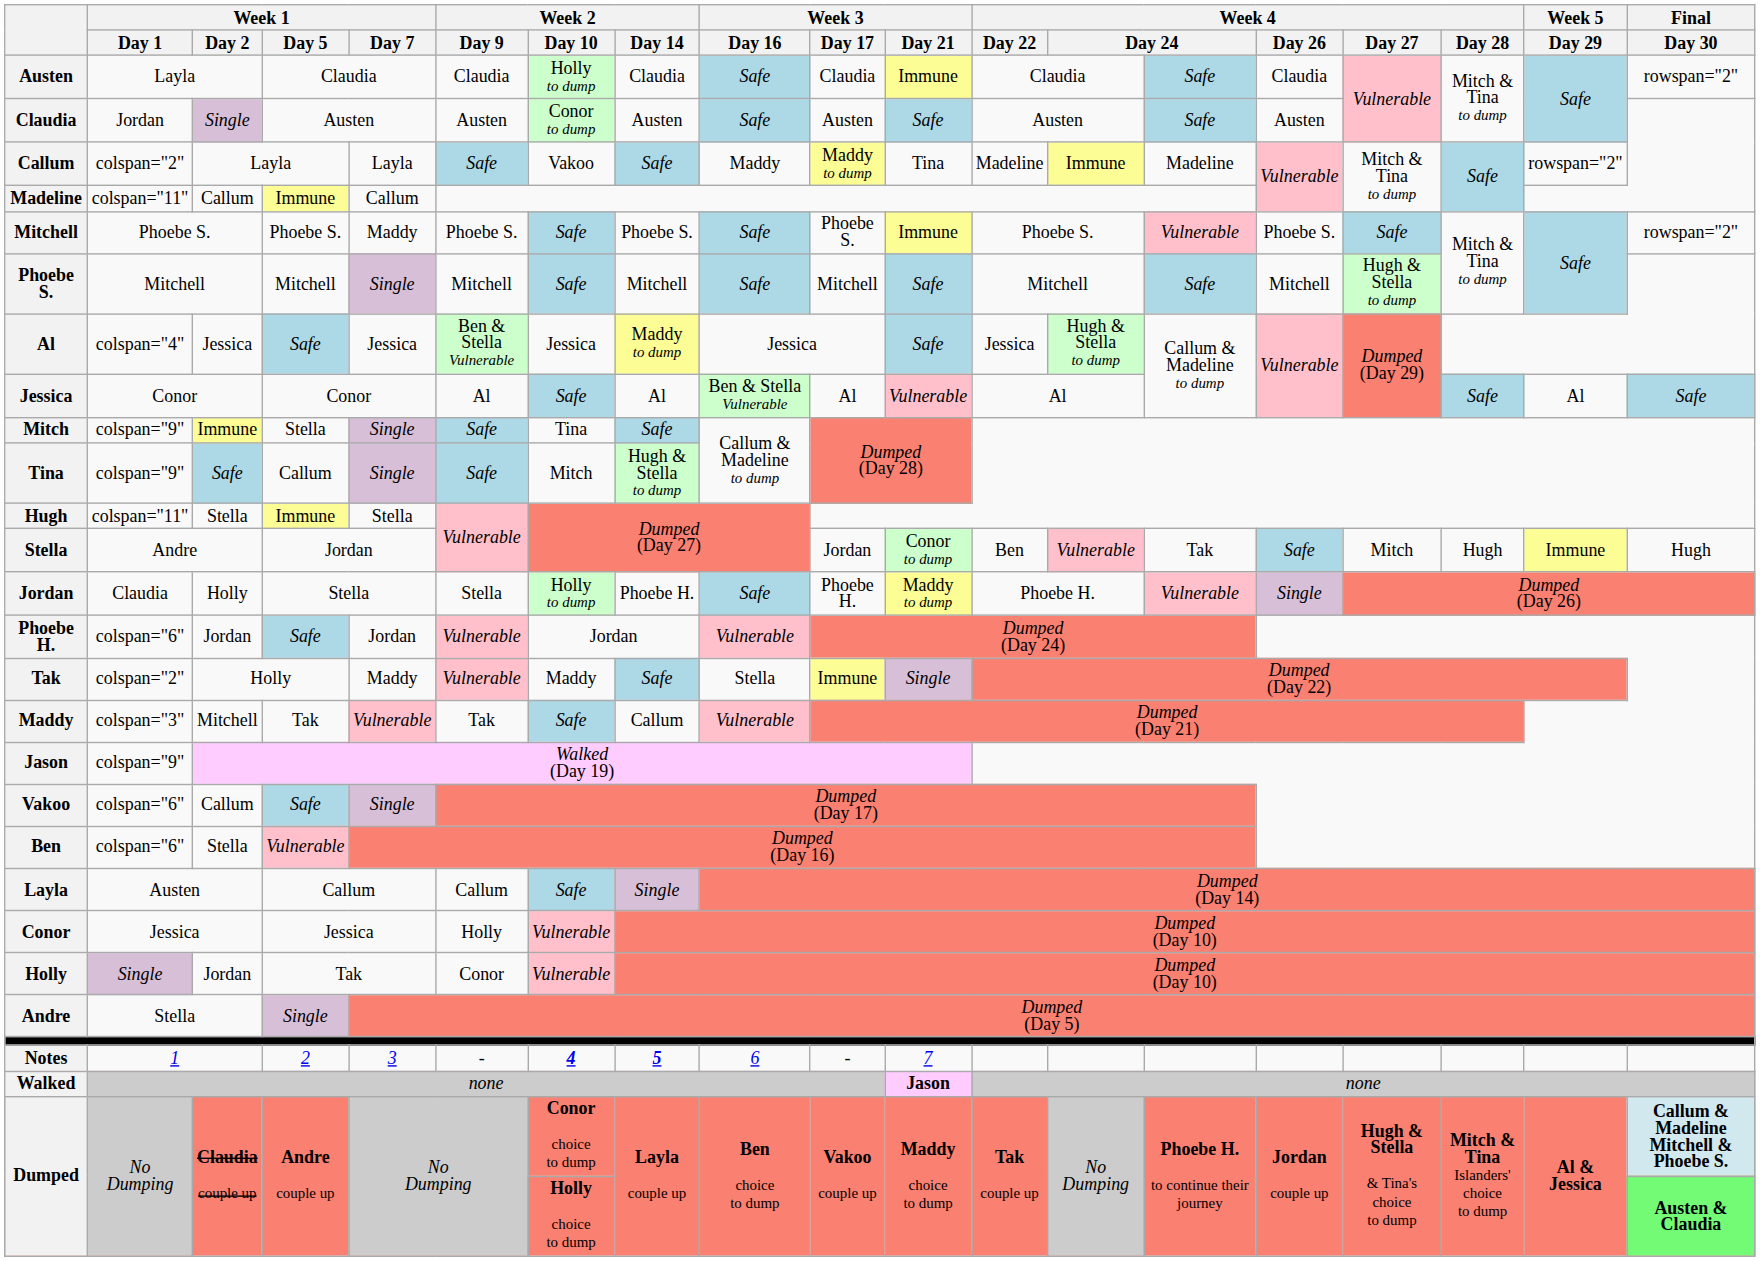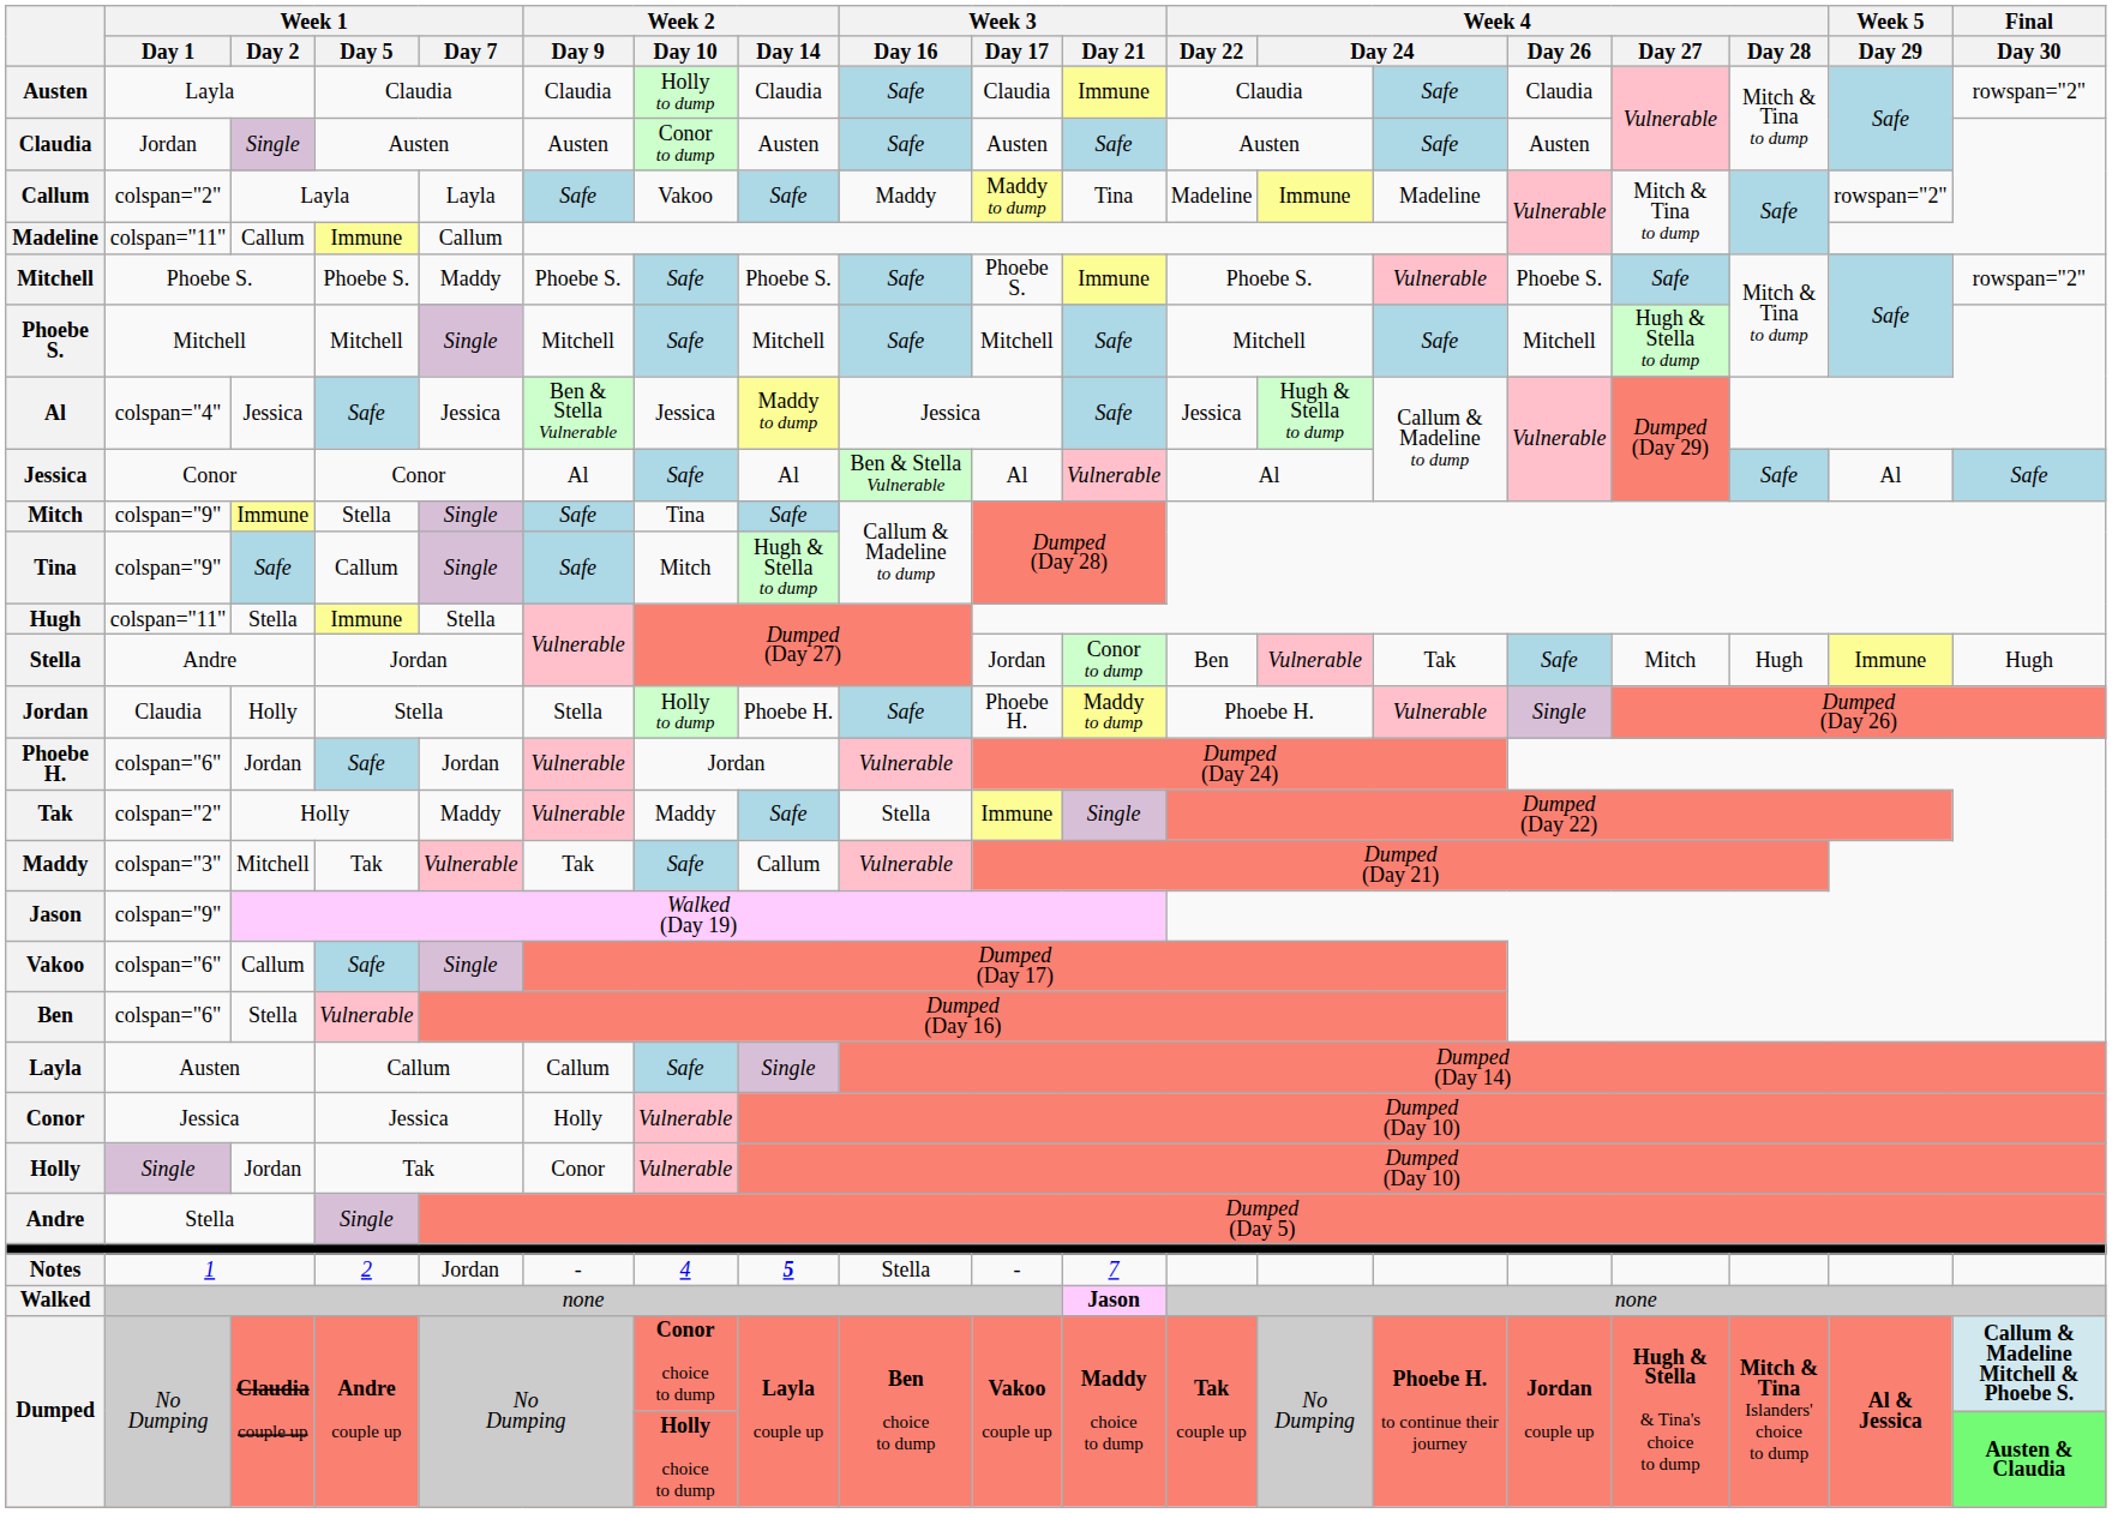 <table class="wikitable" style="text-align:center; font-size:80%; line-height:12px;">
 <tr>
 <th rowspan="2"></th>
 <th colspan="4">Week 1</th>
 <th colspan="3">Week 2</th>
 <th colspan="3">Week 3</th>
 <th colspan="6">Week 4</th>
 <th>Week 5</th>
 <th>Final</th>
 </tr>
 <tr>
 <th>Day 1</th>
 <th>Day 2</th>
 <th>Day 5</th>
 <th>Day 7</th>
 <th>Day 9</th>
 <th>Day 10</th>
 <th>Day 14</th>
 <th>Day 16</th>
 <th>Day 17</th>
 <th>Day 21</th>
 <th>Day 22</th>
 <th colspan="2">Day 24</th>
 <th>Day 26</th>
 <th>Day 27</th>
 <th>Day 28</th>
 <th>Day 29</th>
 <th>Day 30</th>
 </tr>
 <tr>
 <th>Austen</th>
 <td colspan="2">Layla</td>
 <td colspan="2">Claudia</td>
 <td>Claudia</td>
 <td style="background:#cfc;">Holly<br><small><em>to dump</em></small></td>
 <td>Claudia</td>
 <td style="background:lightblue"><em>Safe</em></td>
 <td>Claudia</td>
 <td style="background:#fdfd96">Immune</td>
 <td colspan="2">Claudia</td>
 <td style="background:lightblue"><em>Safe</em></td>
 <td>Claudia</td>
 <td rowspan="2" style="background:pink"><em>Vulnerable</em></td>
 <td rowspan="2">Mitch & Tina<br><small><em>to dump</em></small></td>
 <td rowspan="2" style="background:lightblue"><em>Safe</em></td>
 <td>rowspan="2" </td>
 </tr>
 <tr>
 <th>Claudia</th>
 <td>Jordan</td>
 <td bgcolor="thistle"><em>Single</em></td>
 <td colspan="2">Austen</td>
 <td>Austen</td>
 <td style="background:#cfc;">Conor<br><small><em>to dump</em></small></td>
 <td>Austen</td>
 <td style="background:lightblue"><em>Safe</em></td>
 <td>Austen</td>
 <td style="background:lightblue"><em>Safe</em></td>
 <td colspan="2">Austen</td>
 <td style="background:lightblue"><em>Safe</em></td>
 <td>Austen</td>
 </tr>
 <tr>
 <th>Callum</th>
 <td>colspan="2" </td>
 <td colspan="2">Layla</td>
 <td>Layla</td>
 <td style="background:lightblue"><em>Safe</em></td>
 <td>Vakoo</td>
 <td style="background:lightblue"><em>Safe</em></td>
 <td>Maddy</td>
 <td style="background:#fdfd96">Maddy<br><small><em>to dump</em></small></td>
 <td>Tina</td>
 <td>Madeline</td>
 <td style="background:#fdfd96">Immune</td>
 <td>Madeline</td>
 <td rowspan="2" style="background:pink"><em>Vulnerable</em></td>
 <td rowspan="2">Mitch & Tina<br><small><em>to dump</em></small></td>
 <td rowspan="2" style="background:lightblue"><em>Safe</em></td>
 <td>rowspan="2" </td>
 </tr>
 <tr>
 <th>Madeline</th>
 <td>colspan="11" </td>
 <td>Callum</td>
 <td style="background:#fdfd96">Immune</td>
 <td>Callum</td>
 </tr>
 <tr>
 <th>Mitchell</th>
 <td colspan="2">Phoebe S.</td>
 <td>Phoebe S.</td>
 <td>Maddy</td>
 <td>Phoebe S.</td>
 <td style="background:lightblue"><em>Safe</em></td>
 <td>Phoebe S.</td>
 <td style="background:lightblue"><em>Safe</em></td>
 <td>Phoebe S.</td>
 <td style="background:#fdfd96">Immune</td>
 <td colspan="2">Phoebe S.</td>
 <td style="background:pink"><em>Vulnerable</em></td>
 <td>Phoebe S.</td>
 <td style="background:lightblue"><em>Safe</em></td>
 <td rowspan="2">Mitch & Tina<br><small><em>to dump</em></small></td>
 <td rowspan="2" style="background:lightblue"><em>Safe</em></td>
 <td>rowspan="2" </td>
 </tr>
 <tr>
 <th>Phoebe S.</th>
 <td colspan="2">Mitchell</td>
 <td>Mitchell</td>
 <td bgcolor="thistle"><em>Single</em></td>
 <td>Mitchell</td>
 <td style="background:lightblue"><em>Safe</em></td>
 <td>Mitchell</td>
 <td style="background:lightblue"><em>Safe</em></td>
 <td>Mitchell</td>
 <td style="background:lightblue"><em>Safe</em></td>
 <td colspan="2">Mitchell</td>
 <td style="background:lightblue"><em>Safe</em></td>
 <td>Mitchell</td>
 <td style="background:#cfc;">Hugh & Stella<br><small><em>to dump</em></small></td>
 </tr>
 <tr>
 <th>Al</th>
 <td>colspan="4" </td>
 <td>Jessica</td>
 <td style="background:lightblue"><em>Safe</em></td>
 <td>Jessica</td>
 <td style="background:#cfc;">Ben & Stella<br><small><em>Vulnerable</em></small></td>
 <td>Jessica</td>
 <td style="background:#fdfd96">Maddy<br><small><em>to dump</em></small></td>
 <td colspan="2">Jessica</td>
 <td style="background:lightblue"><em>Safe</em></td>
 <td>Jessica</td>
 <td style="background:#cfc;">Hugh & Stella<br><small><em>to dump</em></small></td>
 <td rowspan="2">Callum & Madeline<br><small><em>to dump</em></small></td>
 <td rowspan="2" style="background:pink"><em>Vulnerable</em></td>
 <td rowspan="2" style="background:salmon;"><em>Dumped</em><br>(Day 29)</td>
 </tr>
 <tr>
 <th>Jessica</th>
 <td colspan="2">Conor</td>
 <td colspan="2">Conor</td>
 <td>Al</td>
 <td style="background:lightblue"><em>Safe</em></td>
 <td>Al</td>
 <td style="background:#cfc;">Ben & Stella<br><small><em>Vulnerable</em></small></td>
 <td>Al</td>
 <td style="background:pink"><em>Vulnerable</em></td>
 <td colspan="2">Al</td>
 <td style="background:lightblue"><em>Safe</em></td>
 <td>Al</td>
 <td style="background:lightblue"><em>Safe</em></td>
 </tr>
 <tr>
 <th>Mitch</th>
 <td>colspan="9" </td>
 <td style="background:#fdfd96">Immune</td>
 <td>Stella</td>
 <td bgcolor="thistle"><em>Single</em></td>
 <td style="background:lightblue"><em>Safe</em></td>
 <td>Tina</td>
 <td style="background:lightblue"><em>Safe</em></td>
 <td rowspan="2">Callum & Madeline<br><small><em>to dump</em></small></td>
 <td colspan="2" rowspan="2" style="background:salmon;"><em>Dumped</em><br>(Day 28)</td>
 </tr>
 <tr>
 <th>Tina</th>
 <td>colspan="9" </td>
 <td style="background:lightblue"><em>Safe</em></td>
 <td>Callum</td>
 <td bgcolor="thistle"><em>Single</em></td>
 <td style="background:lightblue"><em>Safe</em></td>
 <td>Mitch</td>
 <td style="background:#cfc;">Hugh & Stella<br><small><em>to dump</em></small></td>
 </tr>
 <tr>
 <th>Hugh</th>
 <td>colspan="11" </td>
 <td>Stella</td>
 <td style="background:#fdfd96">Immune</td>
 <td>Stella</td>
 <td rowspan="2" style="background:pink"><em>Vulnerable</em></td>
 <td colspan="3" rowspan="2" style="background:salmon;"><em>Dumped</em><br>(Day 27)</td>
 </tr>
 <tr>
 <th>Stella</th>
 <td colspan="2">Andre</td>
 <td colspan="2">Jordan</td>
 <td>Jordan</td>
 <td style="background:#cfc;">Conor<br><small><em>to dump</em></small></td>
 <td>Ben</td>
 <td style="background:pink"><em>Vulnerable</em></td>
 <td>Tak</td>
 <td style="background:lightblue"><em>Safe</em></td>
 <td>Mitch</td>
 <td>Hugh</td>
 <td style="background:#fdfd96">Immune</td>
 <td>Hugh</td>
 </tr>
 <tr>
 <th>Jordan</th>
 <td>Claudia</td>
 <td>Holly</td>
 <td colspan="2">Stella</td>
 <td>Stella</td>
 <td style="background:#cfc;">Holly<br><small><em>to dump</em></small></td>
 <td>Phoebe H.</td>
 <td style="background:lightblue"><em>Safe</em></td>
 <td>Phoebe H.</td>
 <td style="background:#fdfd96">Maddy<br><small><em>to dump</em></small></td>
 <td colspan="2">Phoebe H.</td>
 <td style="background:pink"><em>Vulnerable</em></td>
 <td bgcolor="thistle"><em>Single</em></td>
 <td colspan="4" style="background:salmon;"><em>Dumped</em><br>(Day 26)</td>
 </tr>
 <tr>
 <th>Phoebe H.</th>
 <td>colspan="6" </td>
 <td>Jordan</td>
 <td style="background:lightblue"><em>Safe</em></td>
 <td>Jordan</td>
 <td style="background:pink"><em>Vulnerable</em></td>
 <td colspan="2">Jordan</td>
 <td style="background:pink"><em>Vulnerable</em></td>
 <td colspan="5" style="background:salmon;"><em>Dumped</em><br>(Day 24)</td>
 </tr>
 <tr>
 <th>Tak</th>
 <td>colspan="2" </td>
 <td colspan="2">Holly</td>
 <td>Maddy</td>
 <td style="background:pink"><em>Vulnerable</em></td>
 <td>Maddy</td>
 <td style="background:lightblue"><em>Safe</em></td>
 <td>Stella</td>
 <td style="background:#fdfd96">Immune</td>
 <td bgcolor="thistle"><em>Single</em></td>
 <td colspan="7" style="background:salmon;"><em>Dumped</em><br>(Day 22)</td>
 </tr>
 <tr>
 <th>Maddy</th>
 <td>colspan="3" </td>
 <td>Mitchell</td>
 <td>Tak</td>
 <td style="background:pink"><em>Vulnerable</em></td>
 <td>Tak</td>
 <td style="background:lightblue"><em>Safe</em></td>
 <td>Callum</td>
 <td style="background:pink"><em>Vulnerable</em></td>
 <td colspan="8" style="background:salmon;"><em>Dumped</em><br>(Day 21)</td>
 </tr>
 <tr>
 <th>Jason</th>
 <td>colspan="9" </td>
 <td colspan="9" style="background:#fcf;"><em>Walked</em><br>(Day 19)</td>
 </tr>
 <tr>
 <th>Vakoo</th>
 <td>colspan="6" </td>
 <td>Callum</td>
 <td style="background:lightblue"><em>Safe</em></td>
 <td bgcolor="thistle"><em>Single</em></td>
 <td colspan="9" style="background:salmon;"><em>Dumped</em><br>(Day 17)</td>
 </tr>
 <tr>
 <th>Ben</th>
 <td>colspan="6" </td>
 <td>Stella</td>
 <td style="background:pink"><em>Vulnerable</em></td>
 <td colspan="10" style="background:salmon;"><em>Dumped</em><br>(Day 16)</td>
 </tr>
 <tr>
 <th>Layla</th>
 <td colspan="2">Austen</td>
 <td colspan="2">Callum</td>
 <td>Callum</td>
 <td style="background:lightblue"><em>Safe</em></td>
 <td bgcolor="thistle"><em>Single</em></td>
 <td colspan="11" style="background:salmon;"><em>Dumped</em><br>(Day 14)</td>
 </tr>
 <tr>
 <th>Conor</th>
 <td colspan="2">Jessica</td>
 <td colspan="2">Jessica</td>
 <td>Holly</td>
 <td style="background:pink"><em>Vulnerable</em></td>
 <td colspan="12" style="background:salmon;"><em>Dumped</em><br>(Day 10)</td>
 </tr>
 <tr>
 <th>Holly</th>
 <td bgcolor="thistle"><em>Single</em></td>
 <td>Jordan</td>
 <td colspan="2">Tak</td>
 <td>Conor</td>
 <td style="background:pink"><em>Vulnerable</em></td>
 <td colspan="12" style="background:salmon;"><em>Dumped</em><br>(Day 10)</td>
 </tr>
 <tr>
 <th>Andre</th>
 <td colspan="2">Stella</td>
 <td bgcolor="thistle"><em>Single</em></td>
 <td colspan="15" style="background:salmon;"><em>Dumped</em><br>(Day 5)</td>
 </tr>
 <tr>
 <th colspan="19" style="background:#000"></th>
 </tr>
 <tr>
 <th>Notes</th>
 <td colspan="2"><em><a href='#'>1</a></em></td>
 <td><em><a href='#'>2</a></em></td>
-<td><em><a href='#'>3</a></em></td>
+<td>Jordan</td>
 <td>-</td>
-<td><strong><em><a href='#'>4</a></em></strong></td>
+<td><em><a href='#'>4</a></em></td>
 <td><strong><em><a href='#'>5</a></em></strong></td>
-<td><em><a href='#'>6</a></em></td>
+<td>Stella</td>
 <td>-</td>
 <td><em><a href='#'>7</a></em></td>
 <td></td>
 <td></td>
 <td></td>
 <td></td>
 <td></td>
 <td></td>
 <td></td>
 <td></td>
 </tr>
 <tr style="background:#fcf;"|>
 <th>Walked</th>
 <td colspan="9" style="background:#ccc"><em>none</em></td>
 <td><strong>Jason</strong></td>
 <td colspan="8" style="background:#ccc"><em>none</em></td>
 </tr>
 <tr style="background:salmon;" |>
 <th rowspan="2">Dumped</th>
 <td rowspan="2" style="background:#ccc"><em>No<br>Dumping</em></td>
 <td rowspan="2"><s><strong>Claudia</strong><br><small><br>couple up</small></s></td>
 <td rowspan="2"><strong>Andre</strong><br><small><br>couple up</small></td>
 <td colspan="2" rowspan="2" style="background:#ccc"><em>No<br>Dumping</em></td>
 <td><strong>Conor</strong><br><small><br>choice<br>to dump</small></td>
 <td rowspan="2"><strong>Layla</strong><br><small><br>couple up</small></td>
 <td rowspan="2"><strong>Ben</strong><br><small><br>choice<br>to dump</small></td>
 <td rowspan="2"><strong>Vakoo</strong><br><small><br>couple up</small></td>
 <td rowspan="2"><strong>Maddy</strong><br><small><br>choice<br>to dump</small></td>
 <td rowspan="2"><strong>Tak</strong><br><small><br>couple up</small></td>
 <td rowspan="2" style="background:#ccc"><em>No<br>Dumping</em></td>
 <td rowspan="2"><strong>Phoebe H.</strong><br><small><br>to continue their journey</small></td>
 <td rowspan="2"><strong>Jordan</strong><br><small><br>couple up</small></td>
 <td rowspan="2"><strong>Hugh & Stella</strong><br><small><br>& Tina's<br>choice<br>to dump</small></td>
 <td rowspan="2"><strong>Mitch & Tina</strong><br><small>Islanders'<br>choice<br>to dump</small></td>
 <td rowspan="2"><strong>Al & Jessica</strong><br><small></small></td>
 <td style="background:#D1E8EF"><strong>Callum & Madeline<br>Mitchell & Phoebe S.</strong><br><small></small></td>
 </tr>
 <tr style="background:salmon;" |>
 <td><strong>Holly</strong><br><small><br>choice<br>to dump</small></td>
 <td style="background:#73FB76"><strong>Austen & Claudia</strong><br><small></small></td>
 </tr>
 </table>
